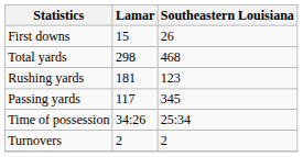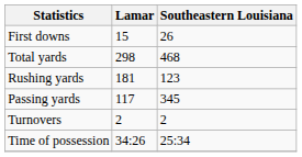 <table class="wikitable">
 <tr>
 <th>Statistics</th>
 <th>Lamar</th>
 <th>Southeastern Louisiana</th>
 </tr>
 <tr>
 <td>First downs</td>
 <td>15</td>
 <td>26</td>
 </tr>
 <tr>
 <td>Total yards</td>
 <td>298</td>
 <td>468</td>
 </tr>
 <tr>
 <td>Rushing yards</td>
 <td>181</td>
 <td>123</td>
 </tr>
 <tr>
 <td>Passing yards</td>
 <td>117</td>
 <td>345</td>
 </tr>
 <tr>
+<td>Turnovers</td>
+<td>2</td>
+<td>2</td>
+</tr>
+<tr>
 <td>Time of possession</td>
 <td>34:26</td>
 <td>25:34</td>
 </tr>
 <tr>
-<td>Turnovers</td>
-<td>2</td>
-<td>2</td>
-</tr>
-<tr>
 </tr>
 </table>
